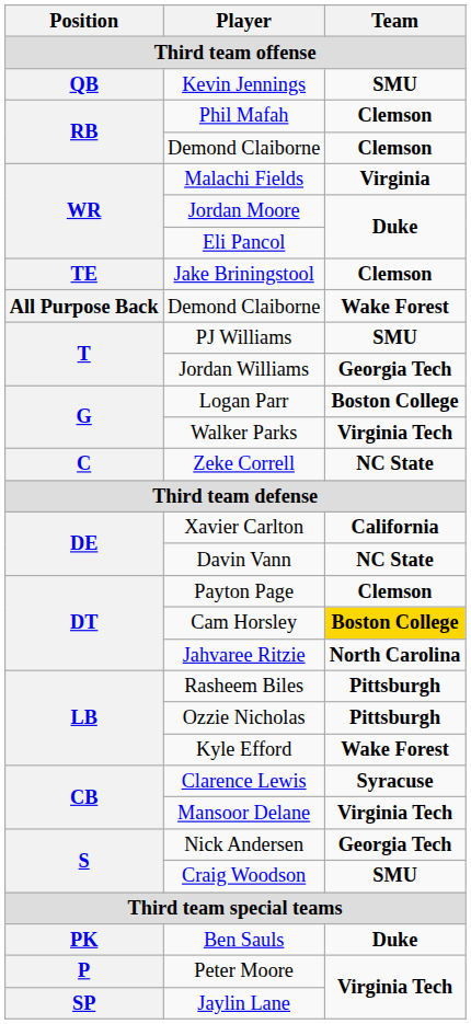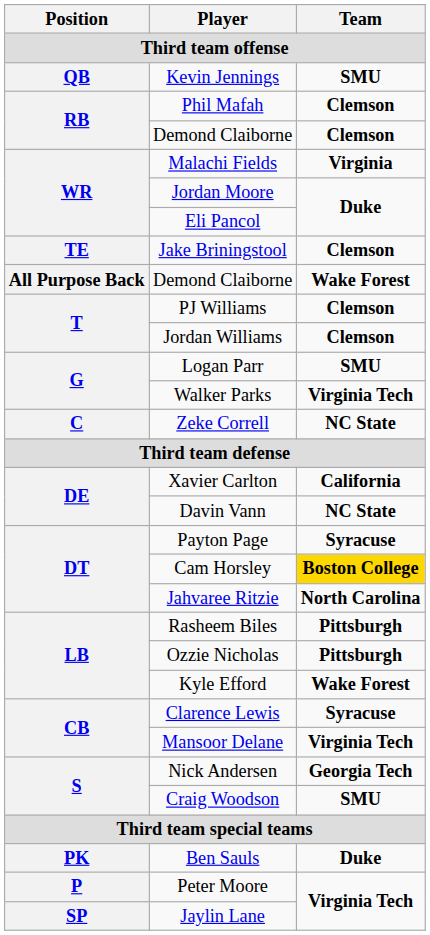 <table class="wikitable">
 <tr>
 <th>Position</th>
 <th>Player</th>
 <th>Team</th>
 </tr>
 <tr>
 <td colspan="4" style="text-align:center; background:#ddd;"><strong>Third team offense</strong></td>
 </tr>
 <tr style="text-align:center;">
 <th rowspan="1"><a href='#'>QB</a></th>
 <td><a href='#'>Kevin Jennings</a></td>
 <td><strong>SMU</strong></td>
 </tr>
 <tr style="text-align:center;">
 <th rowspan="2"><a href='#'>RB</a></th>
 <td><a href='#'>Phil Mafah</a></td>
 <td><strong>Clemson</strong></td>
 </tr>
 <tr style="text-align:center;">
 <td>Demond Claiborne</td>
 <td><strong>Clemson</strong></td>
 </tr>
 <tr style="text-align:center;">
 <th rowspan="3"><a href='#'>WR</a></th>
 <td><a href='#'>Malachi Fields</a></td>
 <td><strong>Virginia</strong></td>
 </tr>
 <tr style="text-align:center;">
 <td><a href='#'>Jordan Moore</a></td>
 <td rowspan="2"><strong>Duke</strong></td>
 </tr>
 <tr style="text-align:center;">
 <td><a href='#'>Eli Pancol</a></td>
 </tr>
 <tr style="text-align:center;">
 <th rowspan="1"><a href='#'>TE</a></th>
 <td><a href='#'>Jake Briningstool</a></td>
 <td><strong>Clemson</strong></td>
 </tr>
 <tr style="text-align:center;">
 <th rowspan="1">All Purpose Back</th>
 <td>Demond Claiborne</td>
 <td><strong>Wake Forest</strong></td>
 </tr>
 <tr style="text-align:center;">
 <th rowspan="2"><a href='#'>T</a></th>
 <td>PJ Williams</td>
-<td><strong>SMU</strong></td>
+<td><strong>Clemson</strong></td>
 </tr>
 <tr style="text-align:center;">
 <td>Jordan Williams</td>
-<td><strong>Georgia Tech</strong></td>
+<td><strong>Clemson</strong></td>
 </tr>
 <tr style="text-align:center;">
 <th rowspan="2"><a href='#'>G</a></th>
 <td>Logan Parr</td>
-<td><strong>Boston College</strong></td>
+<td><strong>SMU</strong></td>
 </tr>
 <tr style="text-align:center;">
 <td>Walker Parks</td>
 <td><strong>Virginia Tech</strong></td>
 </tr>
 <tr style="text-align:center;">
 <th rowspan="1"><a href='#'>C</a></th>
 <td><a href='#'>Zeke Correll</a></td>
 <td><strong>NC State</strong></td>
 </tr>
 <tr style="text-align:center;">
 <td colspan="4" style="text-align:center; background:#ddd;"><strong>Third team defense</strong></td>
 </tr>
 <tr style="text-align:center;">
 <th rowspan="2"><a href='#'>DE</a></th>
 <td>Xavier Carlton</td>
 <td><strong>California</strong></td>
 </tr>
 <tr style="text-align:center;">
 <td>Davin Vann</td>
 <td><strong>NC State</strong></td>
 </tr>
 <tr style="text-align:center;">
 <th rowspan="3"><a href='#'>DT</a></th>
 <td>Payton Page</td>
-<td><strong>Clemson</strong></td>
+<td><strong>Syracuse</strong></td>
 </tr>
 <tr style="text-align:center;">
 <td>Cam Horsley</td>
 <td style="background: gold;"><strong>Boston College</strong></td>
 </tr>
 <tr style="text-align:center;">
 <td><a href='#'>Jahvaree Ritzie</a></td>
 <td><strong>North Carolina</strong></td>
 </tr>
 <tr style="text-align:center;">
 <th rowspan="3"><a href='#'>LB</a></th>
 <td>Rasheem Biles</td>
 <td><strong>Pittsburgh</strong></td>
 </tr>
 <tr style="text-align:center;">
 <td>Ozzie Nicholas</td>
 <td><strong>Pittsburgh</strong></td>
 </tr>
 <tr style="text-align:center;">
 <td>Kyle Efford</td>
 <td><strong>Wake Forest</strong></td>
 </tr>
 <tr style="text-align:center;">
 <th rowspan="2"><a href='#'>CB</a></th>
 <td><a href='#'>Clarence Lewis</a></td>
 <td><strong>Syracuse</strong></td>
 </tr>
 <tr style="text-align:center;">
 <td><a href='#'>Mansoor Delane</a></td>
 <td><strong>Virginia Tech</strong></td>
 </tr>
 <tr style="text-align:center;">
 <th rowspan="2"><a href='#'>S</a></th>
 <td>Nick Andersen</td>
 <td><strong>Georgia Tech</strong></td>
 </tr>
 <tr style="text-align:center;">
 <td><a href='#'>Craig Woodson</a></td>
 <td><strong>SMU</strong></td>
 </tr>
 <tr>
 <td colspan="4" style="text-align:center; background:#ddd;"><strong>Third team special teams</strong></td>
 </tr>
 <tr style="text-align:center;">
 <th rowspan="1"><a href='#'>PK</a></th>
 <td><a href='#'>Ben Sauls</a></td>
 <td><strong>Duke</strong></td>
 </tr>
 <tr style="text-align:center;">
 <th rowspan="1"><a href='#'>P</a></th>
 <td>Peter Moore</td>
 <td rowspan="2"><strong>Virginia Tech</strong></td>
 </tr>
 <tr style="text-align:center;">
 <th rowspan="1"><a href='#'>SP</a></th>
 <td><a href='#'>Jaylin Lane</a></td>
 </tr>
 </table>
